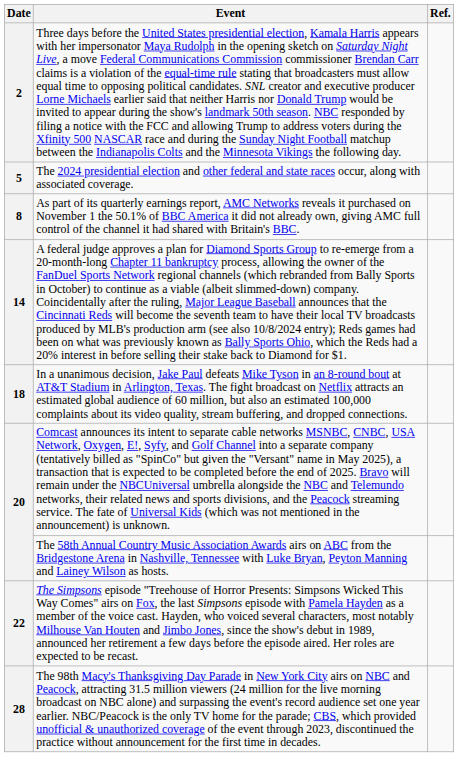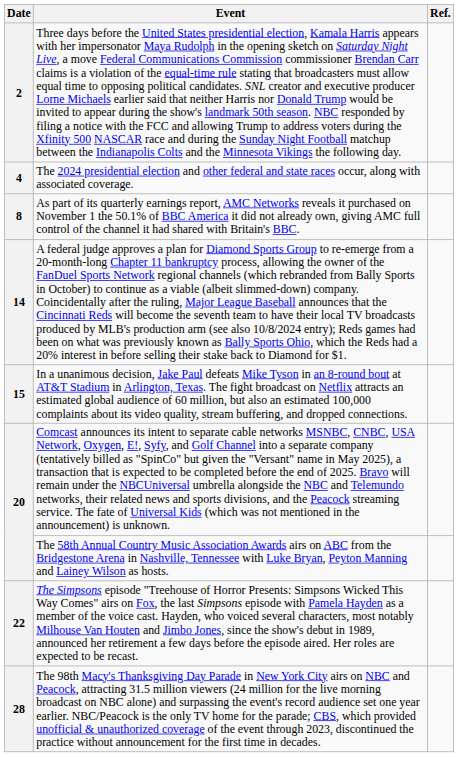 <table class="wikitable sortable">
 <tr>
 <th>Date</th>
 <th>Event</th>
 <th>Ref.</th>
 </tr>
 <tr>
 <th>2</th>
 <td>Three days before the <a href='#'>United States presidential election</a>, <a href='#'>Kamala Harris</a> appears with her impersonator <a href='#'>Maya Rudolph</a> in the opening sketch on <em><a href='#'>Saturday Night Live</a></em>, a move <a href='#'>Federal Communications Commission</a> commissioner <a href='#'>Brendan Carr</a> claims is a violation of the <a href='#'>equal-time rule</a> stating that broadcasters must allow equal time to opposing political candidates. <em>SNL</em> creator and executive producer <a href='#'>Lorne Michaels</a> earlier said that neither Harris nor <a href='#'>Donald Trump</a> would be invited to appear during the show's <a href='#'>landmark 50th season</a>. <a href='#'>NBC</a> responded by filing a notice with the FCC and allowing Trump to address voters during the <a href='#'>Xfinity 500</a> <a href='#'>NASCAR</a> race and during the <a href='#'>Sunday Night Football</a> matchup between the <a href='#'>Indianapolis Colts</a> and the <a href='#'>Minnesota Vikings</a> the following day.</td>
 <td><br></td>
 </tr>
 <tr>
-<th>5</th>
+<th>4</th>
 <td>The <a href='#'>2024 presidential election</a> and <a href='#'>other federal and state races</a> occur, along with associated coverage.</td>
 <td><br></td>
 </tr>
 <tr>
 <th>8</th>
 <td>As part of its quarterly earnings report, <a href='#'>AMC Networks</a> reveals it purchased on November 1 the 50.1% of <a href='#'>BBC America</a> it did not already own, giving AMC full control of the channel it had shared with Britain's <a href='#'>BBC</a>.</td>
 <td></td>
 </tr>
 <tr>
 <th>14</th>
 <td>A federal judge approves a plan for <a href='#'>Diamond Sports Group</a> to re-emerge from a 20-month-long <a href='#'>Chapter 11 bankruptcy</a> process, allowing the owner of the <a href='#'>FanDuel Sports Network</a> regional channels (which rebranded from Bally Sports in October) to continue as a viable (albeit slimmed-down) company. Coincidentally after the ruling, <a href='#'>Major League Baseball</a> announces that the <a href='#'>Cincinnati Reds</a> will become the seventh team to have their local TV broadcasts produced by MLB's production arm (see also 10/8/2024 entry); Reds games had been on what was previously known as <a href='#'>Bally Sports Ohio</a>, which the Reds had a 20% interest in before selling their stake back to Diamond for $1.</td>
 <td></td>
 </tr>
 <tr>
-<th>18</th>
+<th>15</th>
 <td>In a unanimous decision, <a href='#'>Jake Paul</a> defeats <a href='#'>Mike Tyson</a> in <a href='#'>an 8-round bout</a> at <a href='#'>AT&T Stadium</a> in <a href='#'>Arlington, Texas</a>. The fight broadcast on <a href='#'>Netflix</a> attracts an estimated global audience of 60 million, but also an estimated 100,000 complaints about its video quality, stream buffering, and dropped connections.</td>
 <td></td>
 </tr>
 <tr>
 <th rowspan=2>20</th>
 <td><a href='#'>Comcast</a> announces its intent to separate cable networks <a href='#'>MSNBC</a>, <a href='#'>CNBC</a>, <a href='#'>USA Network</a>, <a href='#'>Oxygen</a>, <a href='#'>E!</a>, <a href='#'>Syfy</a>, and <a href='#'>Golf Channel</a> into a separate company (tentatively billed as "SpinCo" but given the "Versant" name in May 2025), a transaction that is expected to be completed before the end of 2025. <a href='#'>Bravo</a> will remain under the <a href='#'>NBCUniversal</a> umbrella alongside the <a href='#'>NBC</a> and <a href='#'>Telemundo</a> networks, their related news and sports divisions, and the <a href='#'>Peacock</a> streaming service. The fate of <a href='#'>Universal Kids</a> (which was not mentioned in the announcement) is unknown.</td>
 <td></td>
 </tr>
 <tr>
 <td>The <a href='#'>58th Annual Country Music Association Awards</a> airs on <a href='#'>ABC</a> from the <a href='#'>Bridgestone Arena</a> in <a href='#'>Nashville, Tennessee</a> with <a href='#'>Luke Bryan</a>, <a href='#'>Peyton Manning</a> and <a href='#'>Lainey Wilson</a> as hosts.</td>
 <td></td>
 </tr>
 <tr>
 <th>22</th>
 <td><em><a href='#'>The Simpsons</a></em> episode "Treehouse of Horror Presents: Simpsons Wicked This Way Comes" airs on <a href='#'>Fox</a>, the last <em>Simpsons</em> episode with <a href='#'>Pamela Hayden</a> as a member of the voice cast. Hayden, who voiced several characters, most notably <a href='#'>Milhouse Van Houten</a> and <a href='#'>Jimbo Jones</a>, since the show's debut in 1989, announced her retirement a few days before the episode aired. Her roles are expected to be recast.</td>
 <td></td>
 </tr>
 <tr>
 <th>28</th>
 <td>The 98th <a href='#'>Macy's Thanksgiving Day Parade</a> in <a href='#'>New York City</a> airs on <a href='#'>NBC</a> and <a href='#'>Peacock</a>, attracting 31.5 million viewers (24 million for the live morning broadcast on NBC alone) and surpassing the event's record audience set one year earlier. NBC/Peacock is the only TV home for the parade; <a href='#'>CBS</a>, which provided <a href='#'>unofficial & unauthorized coverage</a> of the event through 2023, discontinued the practice without announcement for the first time in decades.</td>
 <td></td>
 </tr>
 </table>
